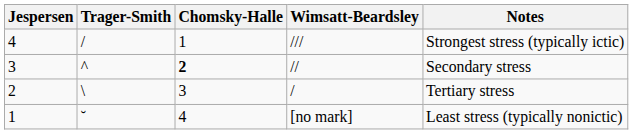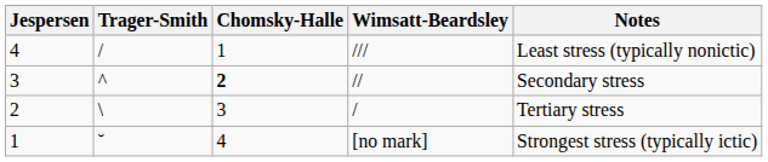 <table class="wikitable">
 <tr>
 <th>Jespersen</th>
 <th>Trager-Smith</th>
 <th>Chomsky-Halle</th>
 <th>Wimsatt-Beardsley</th>
 <th>Notes</th>
 </tr>
 <tr>
 <td>4</td>
 <td>/</td>
 <td>1</td>
 <td>///</td>
-<td>Strongest stress (typically ictic)</td>
+<td>Least stress (typically nonictic)</td>
 </tr>
 <tr>
 <td>3</td>
 <td>^</td>
 <td><strong>2</strong></td>
 <td>//</td>
 <td>Secondary stress</td>
 </tr>
 <tr>
 <td>2</td>
 <td>\</td>
 <td>3</td>
 <td>/</td>
 <td>Tertiary stress</td>
 </tr>
 <tr>
 <td>1</td>
 <td>˘</td>
 <td>4</td>
 <td>[no mark]</td>
-<td>Least stress (typically nonictic)</td>
+<td>Strongest stress (typically ictic)</td>
 </tr>
 </table>
